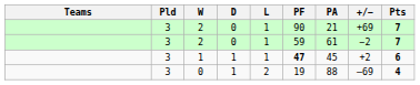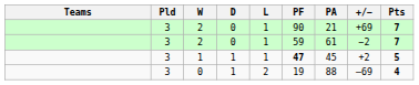 <table class="wikitable" style="text-align: center;">
 <tr>
 <th width="200">Teams</th>
 <th width="40">Pld</th>
 <th width="40">W</th>
 <th width="40">D</th>
 <th width="40">L</th>
 <th width="40">PF</th>
 <th width="40">PA</th>
 <th width="40">+/−</th>
 <th width="40">Pts</th>
 </tr>
 <tr bgcolor=ccffcc>
 <td align=left></td>
 <td>3</td>
 <td>2</td>
 <td>0</td>
 <td>1</td>
 <td>90</td>
 <td>21</td>
 <td>+69</td>
 <td><strong>7</strong></td>
 </tr>
 <tr bgcolor=ccffcc>
 <td align=left></td>
 <td>3</td>
 <td>2</td>
 <td>0</td>
 <td>1</td>
 <td>59</td>
 <td>61</td>
 <td>−2</td>
 <td><strong>7</strong></td>
 </tr>
 <tr>
 <td align=left></td>
 <td>3</td>
 <td>1</td>
 <td>1</td>
 <td>1</td>
 <td><strong>47</strong></td>
 <td>45</td>
 <td>+2</td>
-<td><strong>6</strong></td>
+<td><strong>5</strong></td>
 </tr>
 <tr>
 <td align=left></td>
 <td>3</td>
 <td>0</td>
 <td>1</td>
 <td>2</td>
 <td>19</td>
 <td>88</td>
 <td>–69</td>
 <td><strong>4</strong></td>
 </tr>
 </table>
